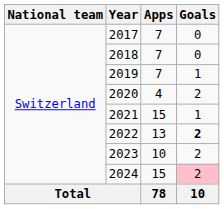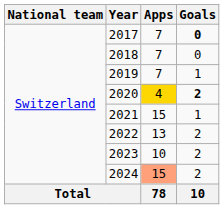 <table class="wikitable" style="text-align:center">
 <tr>
 <th>National team</th>
 <th>Year</th>
 <th>Apps</th>
 <th>Goals</th>
 </tr>
 <tr>
 <td rowspan="8"><a href='#'>Switzerland</a></td>
 <td>2017</td>
 <td>7</td>
-<td>0</td>
+<td><strong>0</strong></td>
 </tr>
 <tr>
 <td>2018</td>
 <td>7</td>
 <td>0</td>
 </tr>
 <tr>
 <td>2019</td>
 <td>7</td>
 <td>1</td>
 </tr>
 <tr>
 <td>2020</td>
-<td>4</td>
-<td>2</td>
+<td style="background: gold;">4</td>
+<td><strong>2</strong></td>
 </tr>
 <tr>
 <td>2021</td>
 <td>15</td>
 <td>1</td>
 </tr>
 <tr>
 <td>2022</td>
 <td>13</td>
-<td><strong>2</strong></td>
+<td>2</td>
 </tr>
 <tr>
 <td>2023</td>
 <td>10</td>
 <td>2</td>
 </tr>
 <tr>
 <td>2024</td>
-<td>15</td>
-<td style="background: pink;">2</td>
+<td style="background: lightsalmon;">15</td>
+<td>2</td>
 </tr>
 <tr>
 <th colspan="2">Total</th>
 <th>78</th>
 <th>10</th>
 </tr>
 </table>
